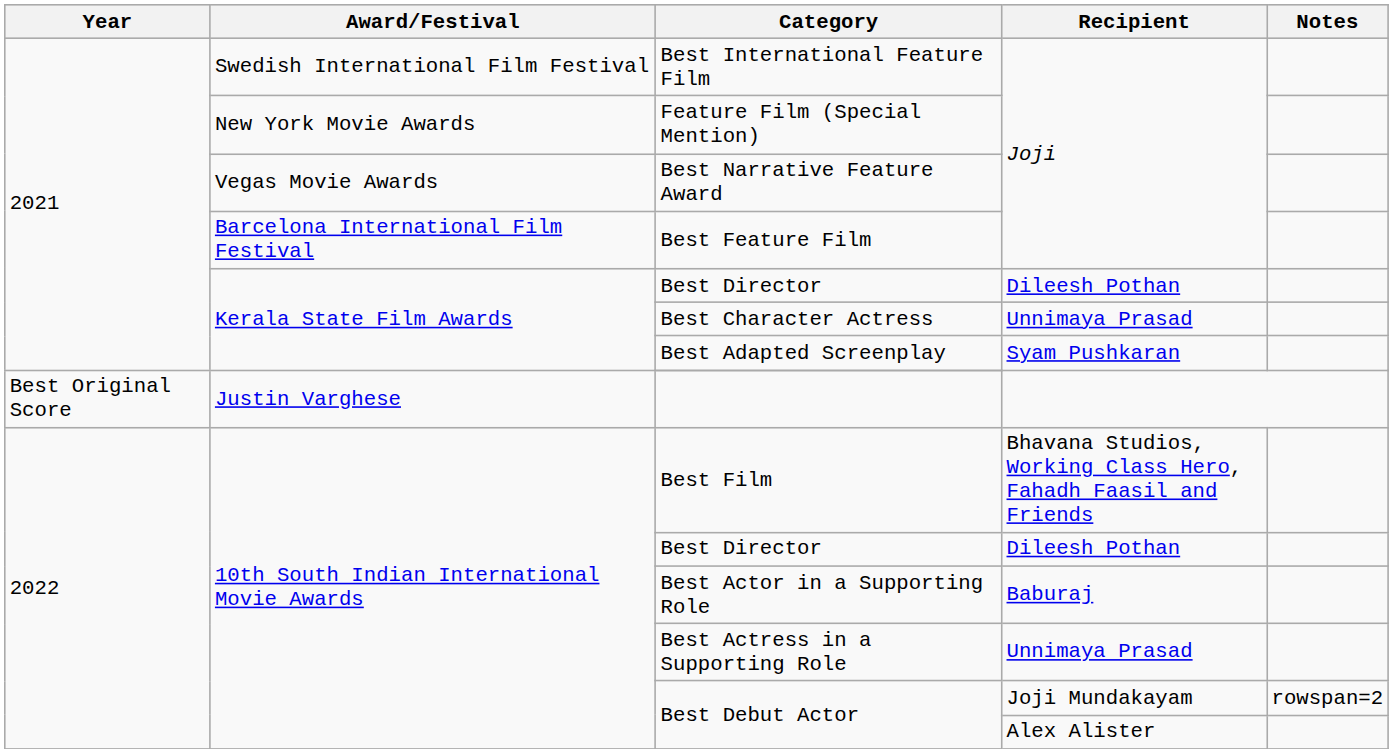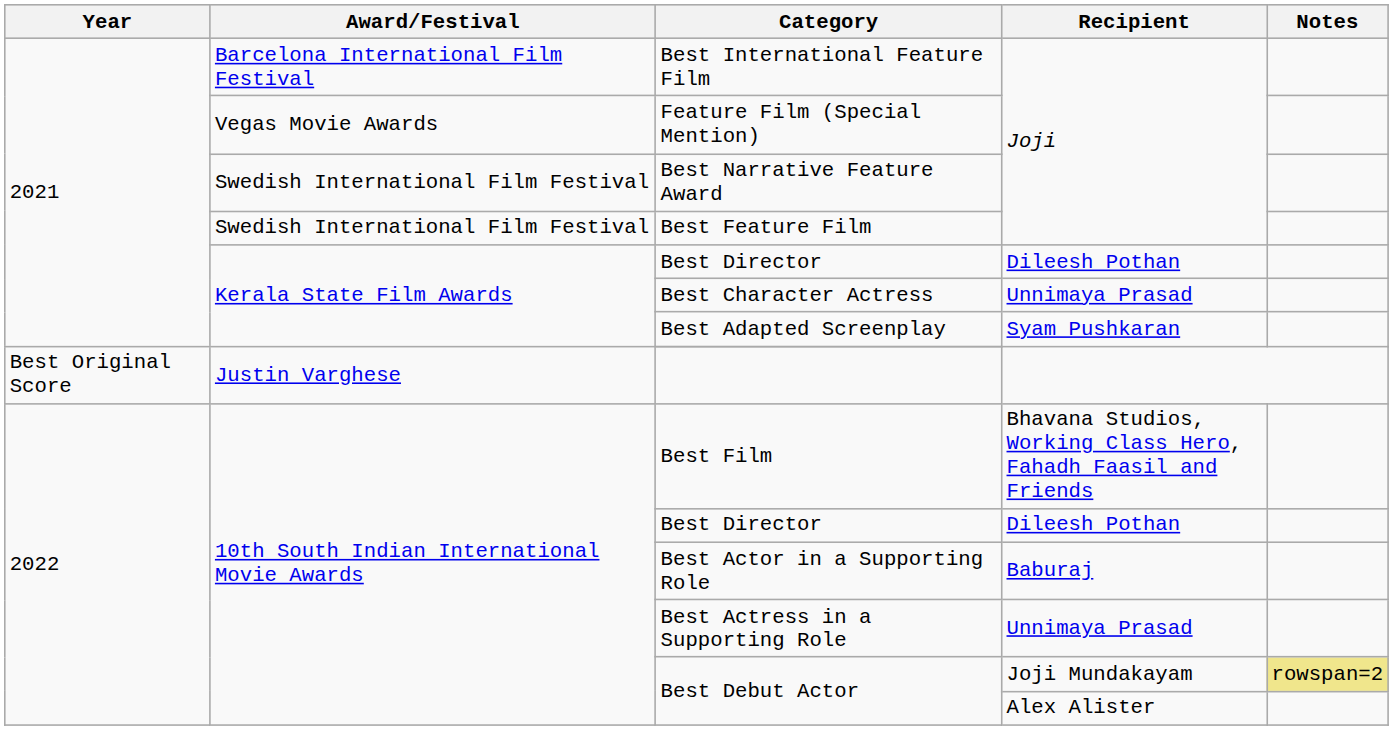 <table class="wikitable plainrowheaders sortable">
 <tr>
 <th scope="col">Year</th>
 <th>Award/Festival</th>
 <th scope="col">Category</th>
 <th>Recipient</th>
 <th>Notes</th>
 </tr>
 <tr>
 <td rowspan="8">2021</td>
-<td>Swedish International Film Festival</td>
+<td><a href='#'>Barcelona International Film Festival</a></td>
 <td>Best International Feature Film</td>
 <td rowspan=4><em>Joji</em></td>
 <td></td>
 </tr>
 <tr>
-<td>New York Movie Awards</td>
+<td>Vegas Movie Awards</td>
 <td>Feature Film (Special Mention)</td>
 <td></td>
 </tr>
 <tr>
-<td>Vegas Movie Awards</td>
+<td>Swedish International Film Festival</td>
 <td>Best Narrative Feature Award</td>
 <td></td>
 </tr>
 <tr>
-<td><a href='#'>Barcelona International Film Festival</a></td>
+<td>Swedish International Film Festival</td>
 <td>Best Feature Film</td>
 <td></td>
 </tr>
 <tr>
 <td rowspan="4"><a href='#'>Kerala State Film Awards</a></td>
 <td>Best Director</td>
 <td><a href='#'>Dileesh Pothan</a></td>
 <td></td>
 </tr>
 <tr>
 <td>Best Character Actress</td>
 <td><a href='#'>Unnimaya Prasad</a></td>
 <td></td>
 </tr>
 <tr>
 <td>Best Adapted Screenplay</td>
 <td><a href='#'>Syam Pushkaran</a></td>
 <td></td>
 </tr>
 <tr>
 </tr>
 <tr>
 <td>Best Original Score</td>
 <td><a href='#'>Justin Varghese</a></td>
 <td></td>
 </tr>
 <tr>
 <td rowspan=6>2022</td>
 <td rowspan=6><a href='#'>10th South Indian International Movie Awards</a></td>
 <td>Best Film</td>
 <td>Bhavana Studios,<br><a href='#'>Working Class Hero</a>,<br><a href='#'>Fahadh Faasil and Friends</a></td>
 <td></td>
 </tr>
 <tr>
 <td>Best Director</td>
 <td><a href='#'>Dileesh Pothan</a></td>
 <td></td>
 </tr>
 <tr>
 <td>Best Actor in a Supporting Role</td>
 <td><a href='#'>Baburaj</a></td>
 <td></td>
 </tr>
 <tr>
 <td>Best Actress in a Supporting Role</td>
 <td><a href='#'>Unnimaya Prasad</a></td>
 <td></td>
 </tr>
 <tr>
 <td rowspan=2>Best Debut Actor</td>
 <td>Joji Mundakayam</td>
-<td>rowspan=2 </td>
+<td style="background: khaki;">rowspan=2 </td>
 </tr>
 <tr>
 <td>Alex Alister</td>
 </tr>
 </table>
